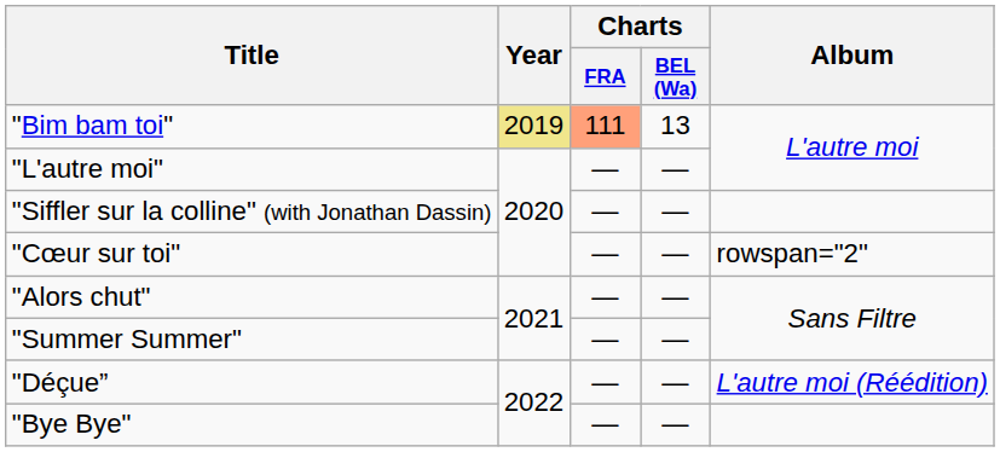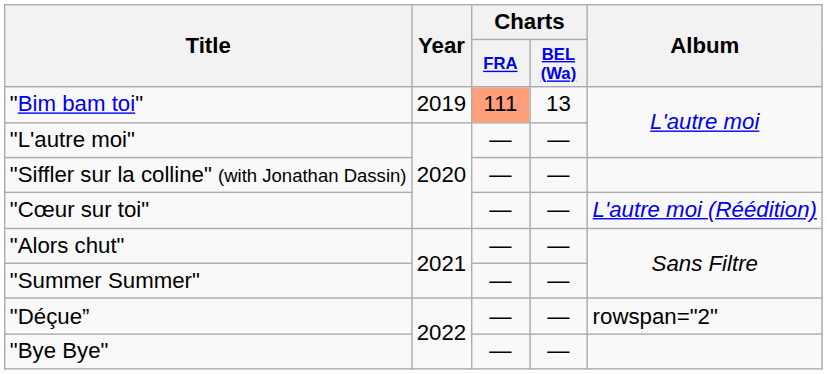 <table class="wikitable">
 <tr>
 <th rowspan="2">Title</th>
 <th rowspan="2">Year</th>
 <th colspan="2">Charts</th>
 <th rowspan="2"><strong>Album</strong></th>
 </tr>
 <tr>
 <th style="width:3em;font-size:75%"><a href='#'>FRA</a><br></th>
 <th style="width:3em;font-size:75%"><a href='#'>BEL<br>(Wa)</a><br></th>
 </tr>
 <tr>
 <td>"<a href='#'>Bim bam toi</a>"</td>
-<td align="center" style="background: khaki;">2019</td>
+<td align="center">2019</td>
 <td align="center" style="background: lightsalmon;">111</td>
 <td align="center">13</td>
 <td rowspan="2" align="center"><em><a href='#'>L'autre moi</a></em></td>
 </tr>
 <tr>
 <td>"L'autre moi"</td>
 <td rowspan="3">2020</td>
 <td align="center">—</td>
 <td align="center">—</td>
 </tr>
 <tr>
 <td>"Siffler sur la colline" <small>(with Jonathan Dassin)</small></td>
 <td align="center">—</td>
 <td align="center">—</td>
 <td></td>
 </tr>
 <tr>
 <td>"Cœur sur toi"</td>
 <td align="center">—</td>
 <td align="center">—</td>
-<td>rowspan="2" </td>
+<td align="center"><em><a href='#'>L'autre moi (Réédition)</a></em></td>
 </tr>
 <tr>
 <td>"Alors chut"</td>
 <td rowspan="2">2021</td>
 <td align="center">—</td>
 <td align="center">—</td>
 <td rowspan="2" align="center"><em>Sans Filtre</em></td>
 </tr>
 <tr>
 <td>"Summer Summer"</td>
 <td align="center">—</td>
 <td align="center">—</td>
 </tr>
 <tr>
 <td>"Déçue”</td>
 <td rowspan="2">2022</td>
 <td align="center">—</td>
 <td align="center">—</td>
-<td align="center"><em><a href='#'>L'autre moi (Réédition)</a></em></td>
+<td>rowspan="2" </td>
 </tr>
 <tr>
 <td>"Bye Bye"</td>
 <td align="center">—</td>
 <td align="center">—</td>
 </tr>
 </table>
